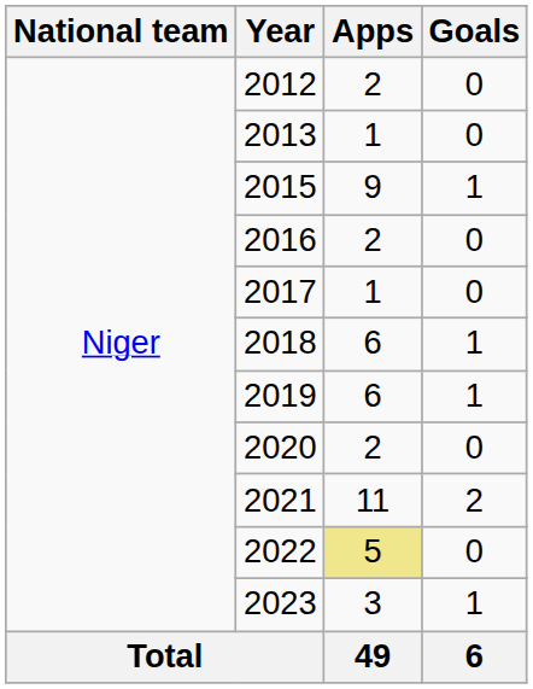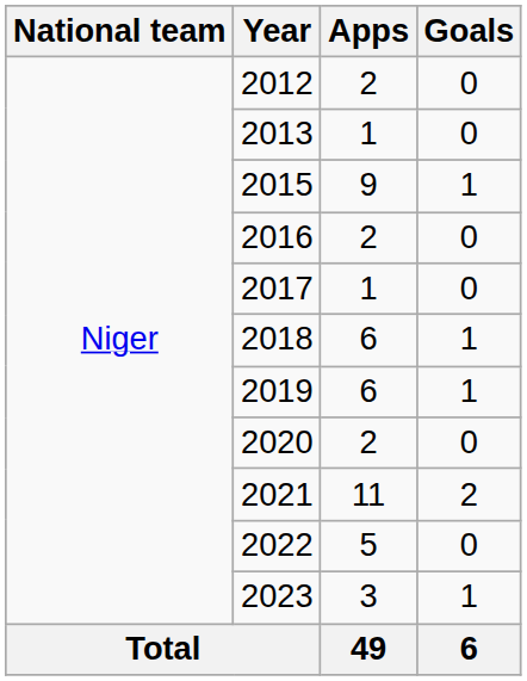 <table class="wikitable" style="text-align: center;">
 <tr>
 <th>National team</th>
 <th>Year</th>
 <th>Apps</th>
 <th>Goals</th>
 </tr>
 <tr>
 <td rowspan="11"><a href='#'>Niger</a></td>
 <td>2012</td>
 <td>2</td>
 <td>0</td>
 </tr>
 <tr>
 <td>2013</td>
 <td>1</td>
 <td>0</td>
 </tr>
 <tr>
 <td>2015</td>
 <td>9</td>
 <td>1</td>
 </tr>
 <tr>
 <td>2016</td>
 <td>2</td>
 <td>0</td>
 </tr>
 <tr>
 <td>2017</td>
 <td>1</td>
 <td>0</td>
 </tr>
 <tr>
 <td>2018</td>
 <td>6</td>
 <td>1</td>
 </tr>
 <tr>
 <td>2019</td>
 <td>6</td>
 <td>1</td>
 </tr>
 <tr>
 <td>2020</td>
 <td>2</td>
 <td>0</td>
 </tr>
 <tr>
 <td>2021</td>
 <td>11</td>
 <td>2</td>
 </tr>
 <tr>
 <td>2022</td>
-<td style="background: khaki;">5</td>
+<td>5</td>
 <td>0</td>
 </tr>
 <tr>
 <td>2023</td>
 <td>3</td>
 <td>1</td>
 </tr>
 <tr>
 <th colspan="2">Total</th>
 <th>49</th>
 <th>6</th>
 </tr>
 </table>
